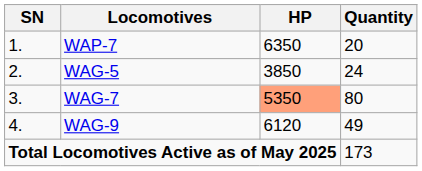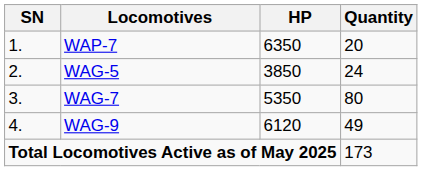 <table class="wikitable">
 <tr>
 <th>SN</th>
 <th>Locomotives</th>
 <th>HP</th>
 <th>Quantity</th>
 </tr>
 <tr>
 <td>1.</td>
 <td><a href='#'>WAP-7</a></td>
 <td>6350</td>
 <td>20</td>
 </tr>
 <tr>
 <td>2.</td>
 <td><a href='#'>WAG-5</a></td>
 <td>3850</td>
 <td>24</td>
 </tr>
 <tr>
 <td>3.</td>
 <td><a href='#'>WAG-7</a></td>
-<td style="background: lightsalmon;">5350</td>
+<td>5350</td>
 <td>80</td>
 </tr>
 <tr>
 <td>4.</td>
 <td><a href='#'>WAG-9</a></td>
 <td>6120</td>
 <td>49</td>
 </tr>
 <tr>
 <td colspan="3"><strong>Total Locomotives Active as of May 2025</strong></td>
 <td>173</td>
 </tr>
 </table>
